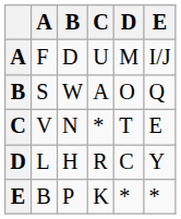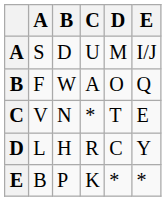 <table class="wikitable">
 <tr>
 <th></th>
 <th>A</th>
 <th>B</th>
 <th>C</th>
 <th>D</th>
 <th>E</th>
 </tr>
 <tr>
 <th>A</th>
-<td>F</td>
+<td>S</td>
 <td>D</td>
 <td>U</td>
 <td>M</td>
 <td>I/J</td>
 </tr>
 <tr>
 <th>B</th>
-<td>S</td>
+<td>F</td>
 <td>W</td>
 <td>A</td>
 <td>O</td>
 <td>Q</td>
 </tr>
 <tr>
 <th>C</th>
 <td>V</td>
 <td>N</td>
 <td>*</td>
 <td>T</td>
 <td>E</td>
 </tr>
 <tr>
 <th>D</th>
 <td>L</td>
 <td>H</td>
 <td>R</td>
 <td>C</td>
 <td>Y</td>
 </tr>
 <tr>
 <th>E</th>
 <td>B</td>
 <td>P</td>
 <td>K</td>
 <td>*</td>
 <td>*</td>
 </tr>
 </table>
